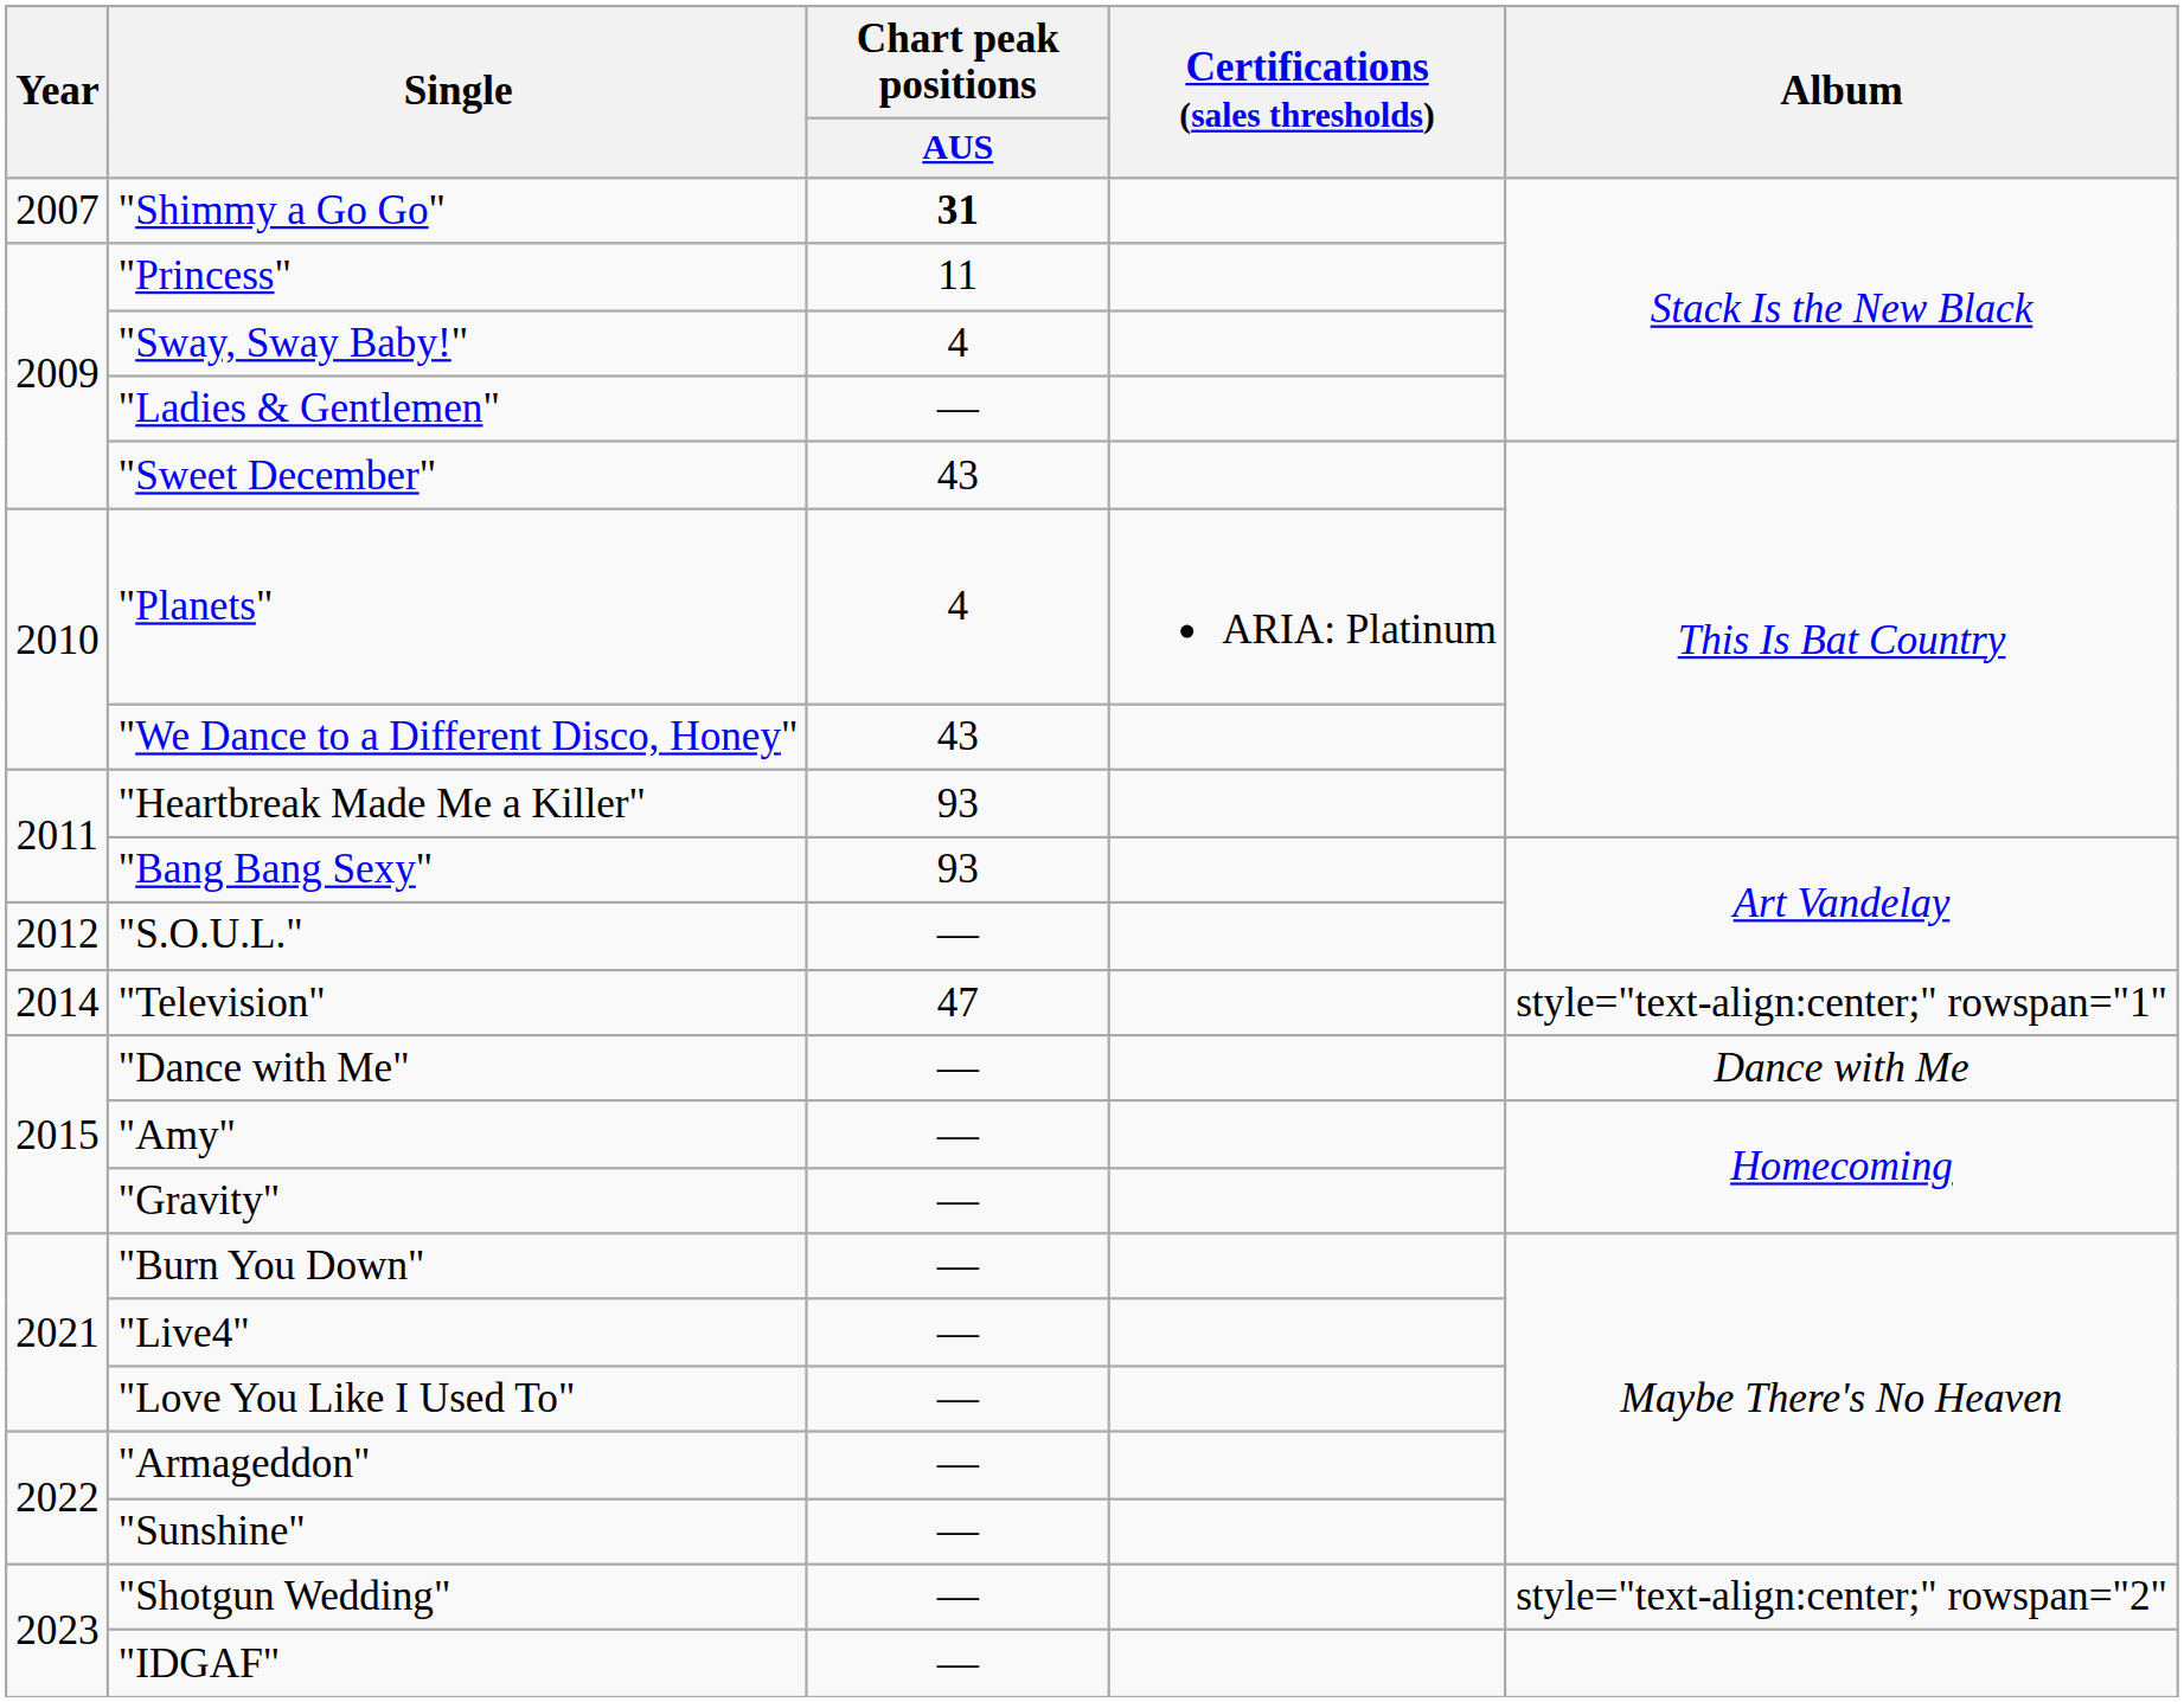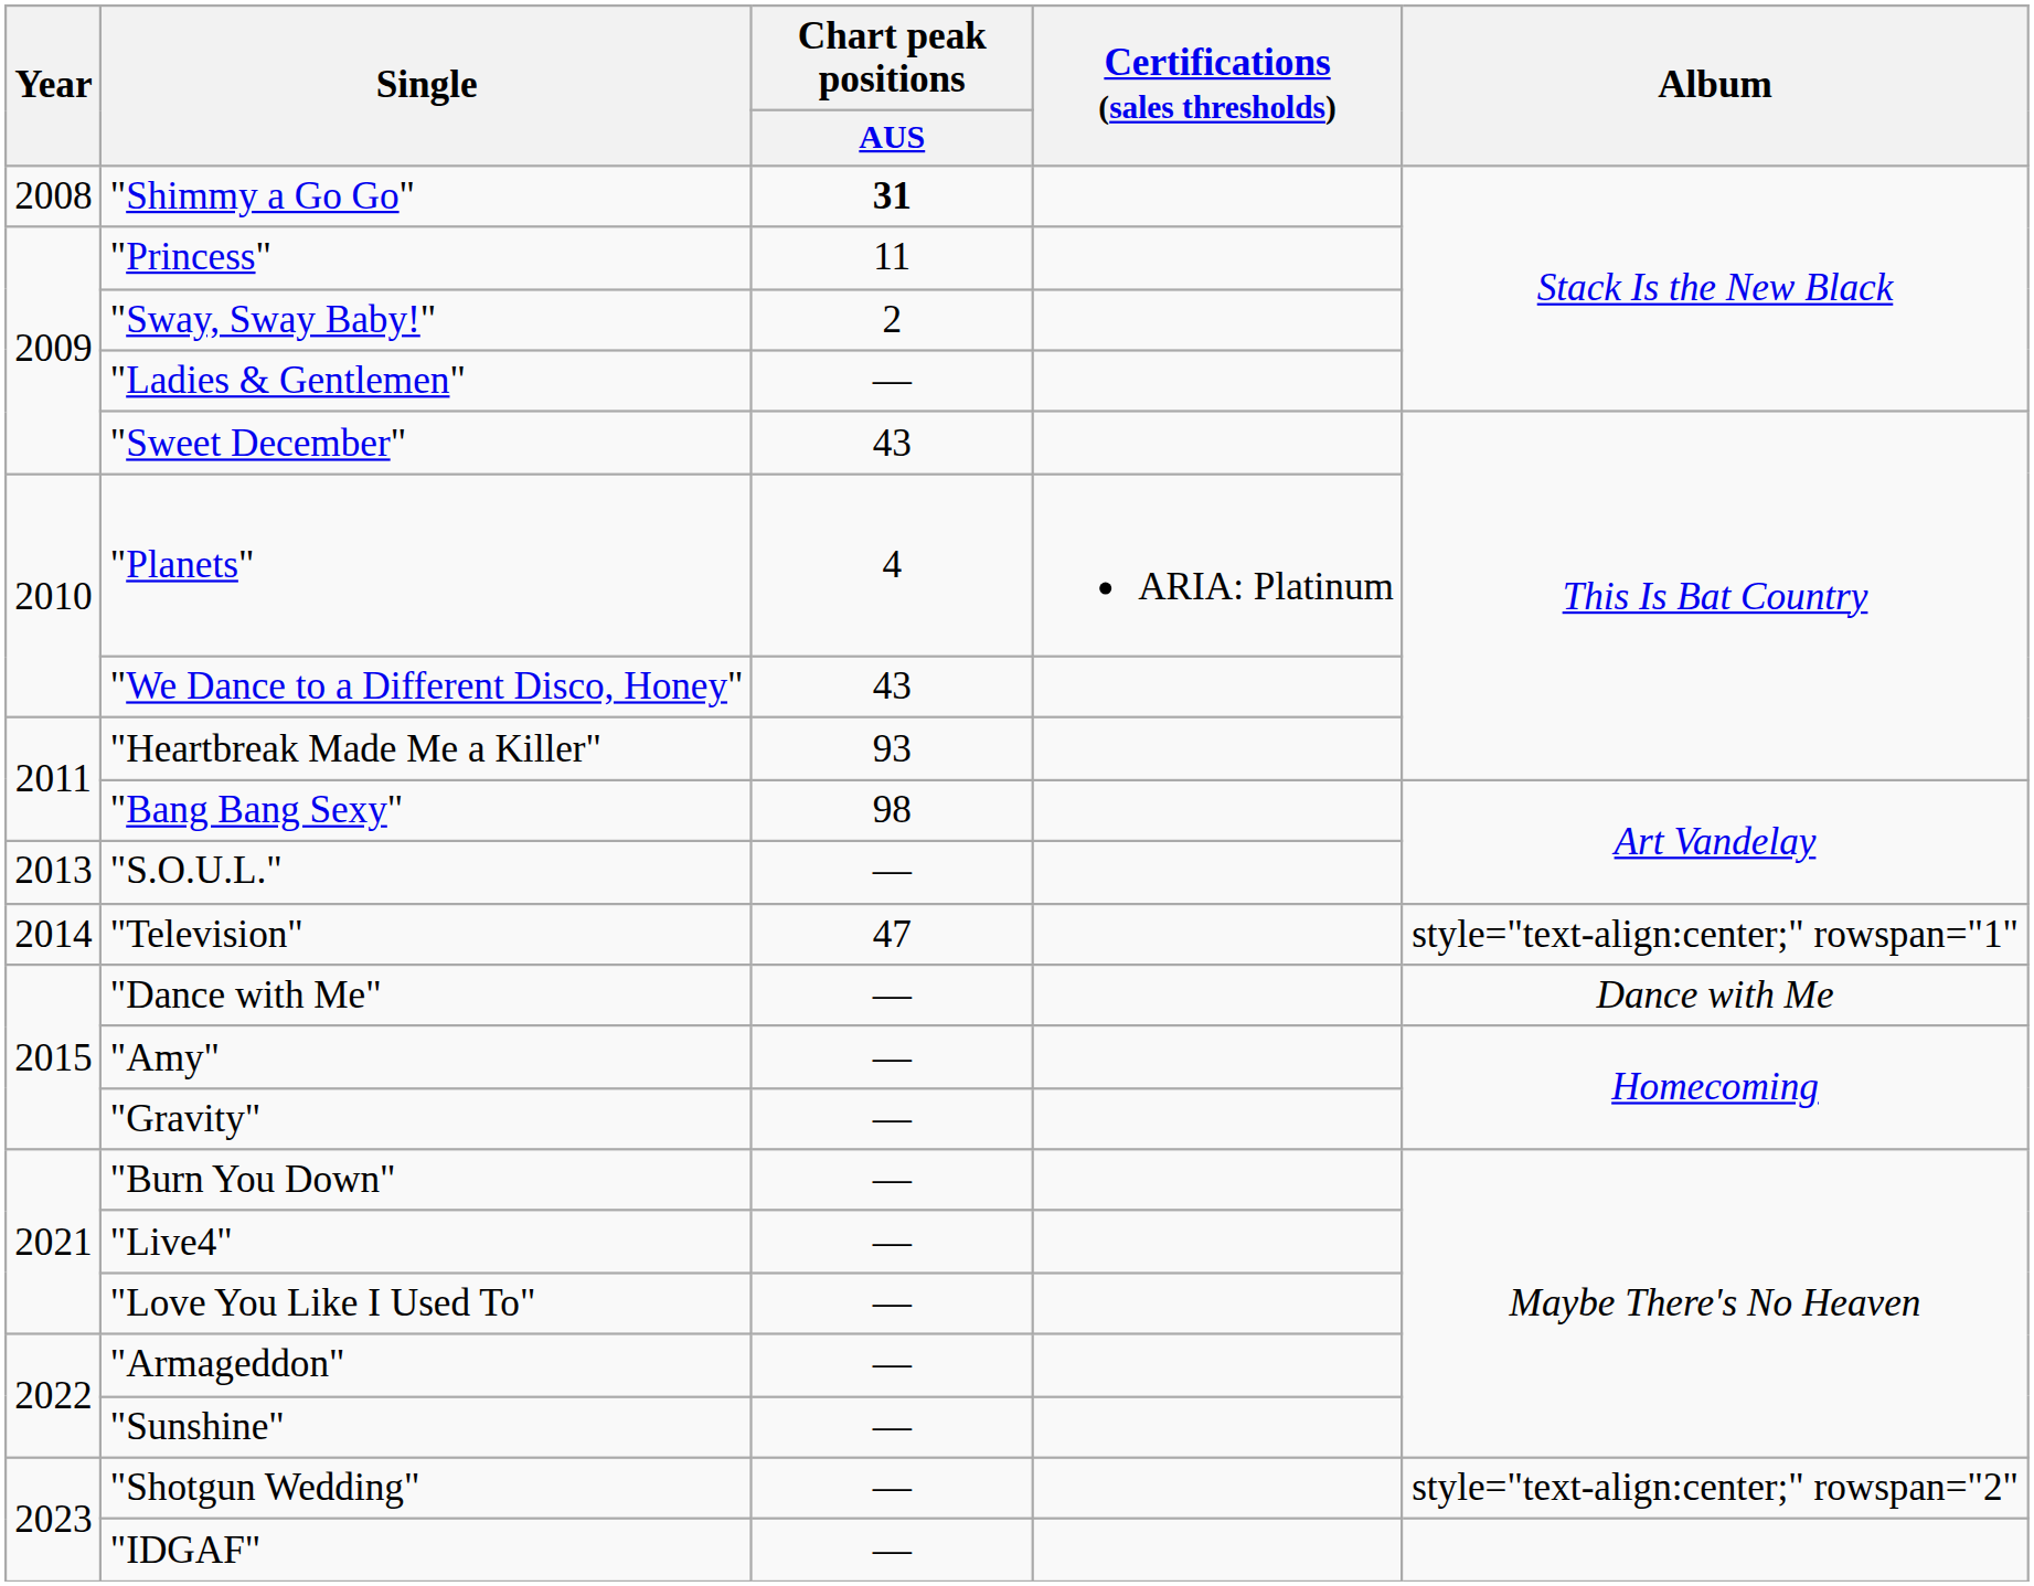 <table class="wikitable">
 <tr>
 <th rowspan="2">Year</th>
 <th rowspan="2">Single</th>
 <th>Chart peak positions</th>
 <th rowspan="2"><a href='#'>Certifications</a><br><small>(<a href='#'>sales thresholds</a>)</small></th>
 <th rowspan="2">Album</th>
 </tr>
 <tr>
 <th style="width:8em;font-size:85%"><a href='#'>AUS</a><br></th>
 </tr>
 <tr>
-<td style="text-align:center;">2007</td>
+<td style="text-align:center;">2008</td>
 <td style="text-align:left;">"<a href='#'>Shimmy a Go Go</a>"</td>
 <td style="text-align:center;"><strong>31</strong></td>
 <td></td>
 <td style="text-align:center;" rowspan="4"><em><a href='#'>Stack Is the New Black</a></em></td>
 </tr>
 <tr>
 <td style="text-align:center;" rowspan="4">2009</td>
 <td style="text-align:left;">"<a href='#'>Princess</a>"</td>
 <td style="text-align:center;">11</td>
 <td></td>
 </tr>
 <tr>
 <td style="text-align:left;">"<a href='#'>Sway, Sway Baby!</a>"</td>
-<td style="text-align:center;">4</td>
+<td style="text-align:center;">2</td>
 <td></td>
 </tr>
 <tr>
 <td style="text-align:left;">"<a href='#'>Ladies & Gentlemen</a>"</td>
 <td style="text-align:center;">—</td>
 <td></td>
 </tr>
 <tr>
 <td style="text-align:left;">"<a href='#'>Sweet December</a>"</td>
 <td style="text-align:center;">43</td>
 <td></td>
 <td style="text-align:center;" rowspan="4"><em><a href='#'>This Is Bat Country</a></em></td>
 </tr>
 <tr>
 <td style="text-align:center;" rowspan="2">2010</td>
 <td style="text-align:left;">"<a href='#'>Planets</a>"</td>
 <td style="text-align:center;">4</td>
 <td><br><ul><li>ARIA: Platinum</li></ul></td>
 </tr>
 <tr>
 <td style="text-align:left;">"<a href='#'>We Dance to a Different Disco, Honey</a>"</td>
 <td style="text-align:center;">43</td>
 <td></td>
 </tr>
 <tr>
 <td style="text-align:center;" rowspan="2">2011</td>
 <td style="text-align:left;">"Heartbreak Made Me a Killer"</td>
 <td style="text-align:center;">93</td>
 <td></td>
 </tr>
 <tr>
 <td style="text-align:left;">"<a href='#'>Bang Bang Sexy</a>"</td>
-<td style="text-align:center;">93</td>
+<td style="text-align:center;">98</td>
 <td></td>
 <td style="text-align:center;" rowspan="2"><em><a href='#'>Art Vandelay</a></em></td>
 </tr>
 <tr>
-<td style="text-align:center;" rowspan="1">2012</td>
+<td style="text-align:center;" rowspan="1">2013</td>
 <td style="text-align:left;">"S.O.U.L."</td>
 <td style="text-align:center;">—</td>
 <td></td>
 </tr>
 <tr>
 <td style="text-align:center;" rowspan="1">2014</td>
 <td style="text-align:left;">"Television"</td>
 <td style="text-align:center;">47</td>
 <td></td>
 <td>style="text-align:center;" rowspan="1" </td>
 </tr>
 <tr>
 <td style="text-align:center;" rowspan="3">2015</td>
 <td style="text-align:left;">"Dance with Me"</td>
 <td style="text-align:center;">—</td>
 <td></td>
 <td style="text-align:center;" rowspan="1"><em>Dance with Me</em></td>
 </tr>
 <tr>
 <td style="text-align:left;">"Amy"</td>
 <td style="text-align:center;">—</td>
 <td></td>
 <td style="text-align:center;" rowspan="2"><em><a href='#'>Homecoming</a></em></td>
 </tr>
 <tr>
 <td style="text-align:left;">"Gravity"</td>
 <td style="text-align:center;">—</td>
 <td></td>
 </tr>
 <tr>
 <td style="text-align:center;" rowspan="3">2021</td>
 <td style="text-align:left;">"Burn You Down"</td>
 <td style="text-align:center;">—</td>
 <td></td>
 <td style="text-align:center;" rowspan="5"><em>Maybe There's No Heaven</em></td>
 </tr>
 <tr>
 <td style="text-align:left;">"Live4"</td>
 <td style="text-align:center;">—</td>
 <td></td>
 </tr>
 <tr>
 <td style="text-align:left;">"Love You Like I Used To"</td>
 <td style="text-align:center;">—</td>
 <td></td>
 </tr>
 <tr>
 <td style="text-align:center;" rowspan="2">2022</td>
 <td style="text-align:left;">"Armageddon"</td>
 <td style="text-align:center;">—</td>
 <td></td>
 </tr>
 <tr>
 <td style="text-align:left;">"Sunshine"</td>
 <td style="text-align:center;">—</td>
 <td></td>
 </tr>
 <tr>
 <td style="text-align:center;" rowspan="2">2023</td>
 <td style="text-align:left;">"Shotgun Wedding"</td>
 <td style="text-align:center;">—</td>
 <td></td>
 <td>style="text-align:center;" rowspan="2"  </td>
 </tr>
 <tr>
 <td style="text-align:left;">"IDGAF"</td>
 <td style="text-align:center;">—</td>
 <td></td>
 </tr>
 </table>
